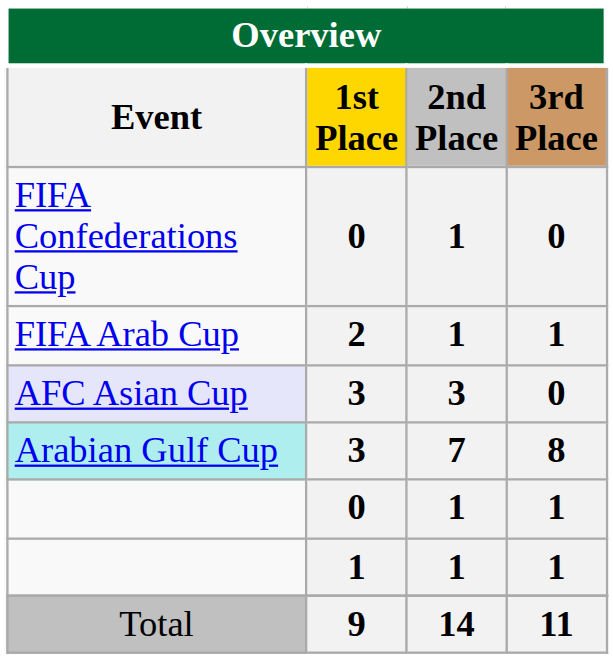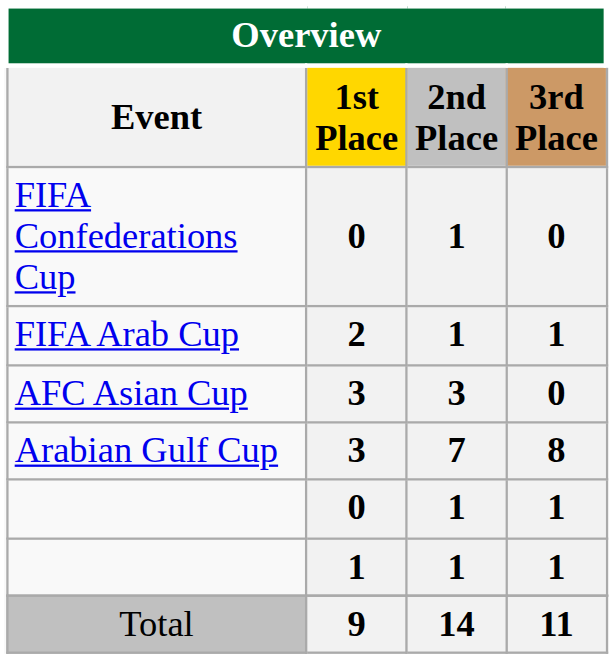 <table class="wikitable" style="width:30%;text-align:center">
 <tr>
 <th colspan="5" style="background: #006C35;border: 2px solid #FFFFFF;color: #FFFFFF;">Overview</th>
 </tr>
 <tr>
 <th>Event</th>
 <th style="width:14%;background:gold">1st Place</th>
 <th style="width:14%;background:silver">2nd Place</th>
 <th style="width:14%;background:#c96">3rd Place</th>
 </tr>
 <tr>
 <td align=left><a href='#'>FIFA Confederations Cup</a></td>
 <th>0</th>
 <th>1</th>
 <th>0</th>
 </tr>
 <tr>
 <td align=left><a href='#'>FIFA Arab Cup</a></td>
 <th>2</th>
 <th>1</th>
 <th>1</th>
 </tr>
 <tr>
-<td align=left style="background: lavender;"><a href='#'>AFC Asian Cup</a></td>
+<td align=left><a href='#'>AFC Asian Cup</a></td>
 <th>3</th>
 <th>3</th>
 <th>0</th>
 </tr>
 <tr>
-<td align=left style="background: paleturquoise;"><a href='#'>Arabian Gulf Cup</a></td>
+<td align=left><a href='#'>Arabian Gulf Cup</a></td>
 <th>3</th>
 <th>7</th>
 <th>8</th>
 </tr>
 <tr>
 <td align=left></td>
 <th>0</th>
 <th>1</th>
 <th>1</th>
 </tr>
 <tr>
 <td align=left></td>
 <th>1</th>
 <th>1</th>
 <th>1</th>
 </tr>
 <tr>
 </tr>
 <tr>
 </tr>
 <tr style="background:silver">
 <td>Total</td>
 <th>9</th>
 <th>14</th>
 <th>11</th>
 </tr>
 </table>
